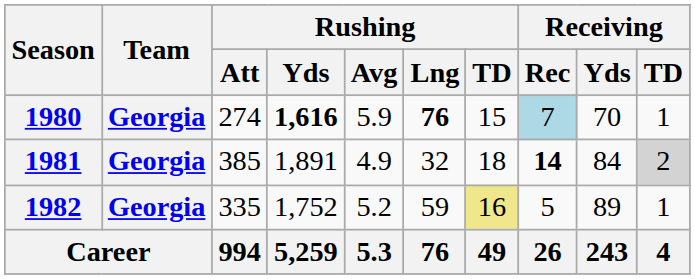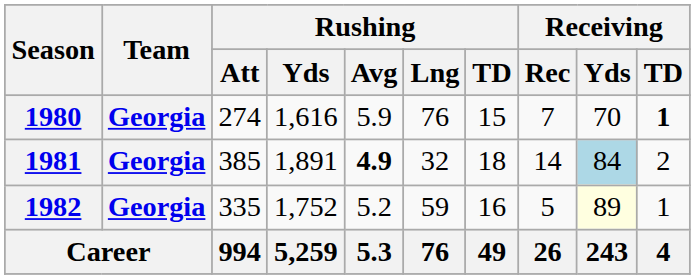 <table class=wikitable style="text-align:center;">
 <tr>
 <th rowspan="2">Season</th>
 <th rowspan="2">Team</th>
 <th colspan="5">Rushing</th>
 <th colspan="5">Receiving</th>
 </tr>
 <tr>
 <th>Att</th>
 <th>Yds</th>
 <th>Avg</th>
 <th>Lng</th>
 <th>TD</th>
 <th>Rec</th>
 <th>Yds</th>
 <th>TD</th>
 </tr>
 <tr>
 <th><a href='#'>1980</a></th>
 <th><a href='#'>Georgia</a></th>
 <td>274</td>
-<td><strong>1,616</strong></td>
+<td>1,616</td>
 <td>5.9</td>
-<td><strong>76</strong></td>
+<td>76</td>
 <td>15</td>
-<td style="background: lightblue;">7</td>
+<td>7</td>
 <td>70</td>
-<td>1</td>
+<td><strong>1</strong></td>
 </tr>
 <tr>
 <th><a href='#'>1981</a></th>
 <th><a href='#'>Georgia</a></th>
 <td>385</td>
 <td>1,891</td>
-<td>4.9</td>
+<td><strong>4.9</strong></td>
 <td>32</td>
 <td>18</td>
-<td><strong>14</strong></td>
-<td>84</td>
-<td style="background: lightgrey;">2</td>
+<td>14</td>
+<td style="background: lightblue;">84</td>
+<td>2</td>
 </tr>
 <tr>
 <th><a href='#'>1982</a></th>
 <th><a href='#'>Georgia</a></th>
 <td>335</td>
 <td>1,752</td>
 <td>5.2</td>
 <td>59</td>
-<td style="background: khaki;">16</td>
+<td>16</td>
 <td>5</td>
-<td>89</td>
+<td style="background: lightyellow;">89</td>
 <td>1</td>
 </tr>
 <tr>
 <th colspan="2">Career</th>
 <th>994</th>
 <th>5,259</th>
 <th>5.3</th>
 <th>76</th>
 <th>49</th>
 <th>26</th>
 <th>243</th>
 <th>4</th>
 </tr>
 </table>
